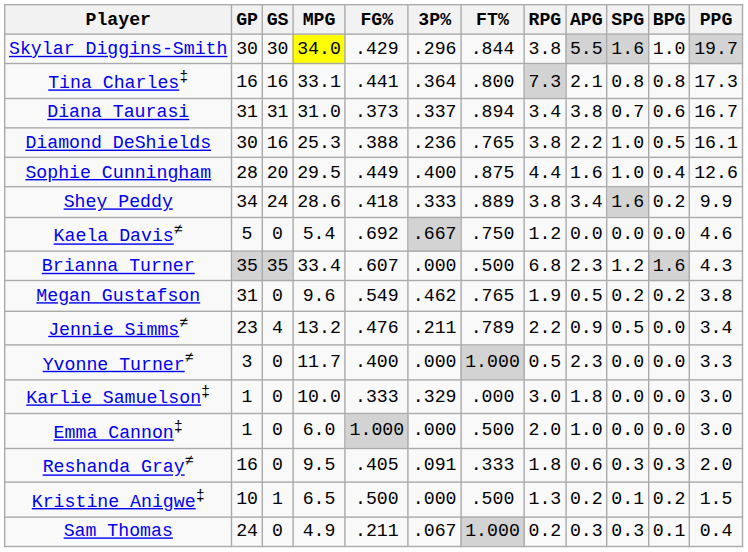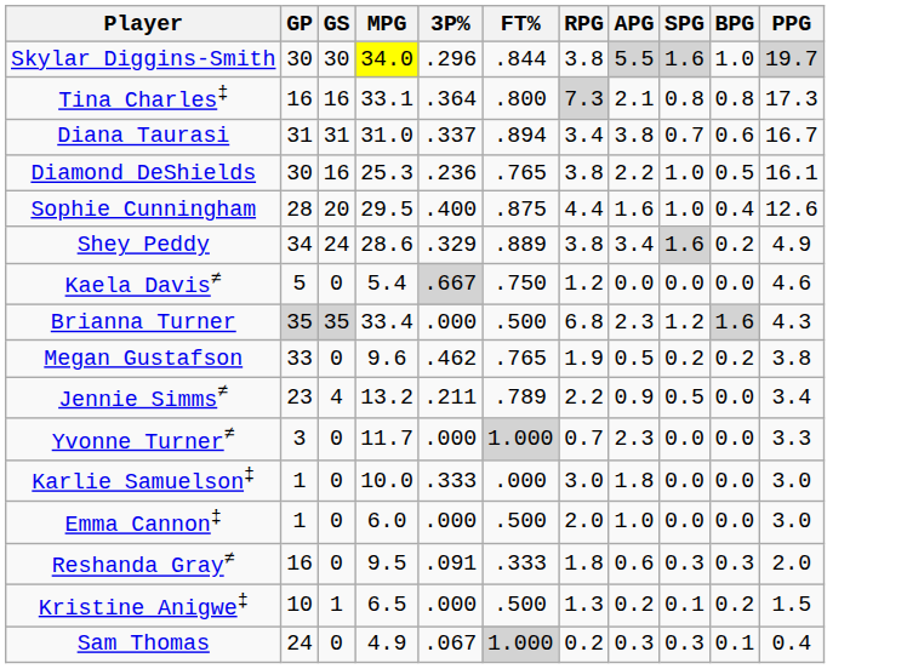 <table class="wikitable sortable" style="text-align:center">
 <tr>
 <th>Player</th>
 <th>GP</th>
 <th>GS</th>
 <th>MPG</th>
-<th>FG%</th>
 <th>3P%</th>
 <th>FT%</th>
 <th>RPG</th>
 <th>APG</th>
 <th>SPG</th>
 <th>BPG</th>
 <th>PPG</th>
 </tr>
 <tr>
 <td><a href='#'>Skylar Diggins-Smith</a></td>
 <td>30</td>
 <td>30</td>
 <td style="background:yellow;">34.0</td>
-<td>.429</td>
 <td>.296</td>
 <td>.844</td>
 <td>3.8</td>
 <td style="background:#D3D3D3;">5.5</td>
 <td style="background:#D3D3D3;">1.6</td>
 <td>1.0</td>
 <td style="background:#D3D3D3;">19.7</td>
 </tr>
 <tr>
 <td><a href='#'>Tina Charles</a><sup>‡</sup></td>
 <td>16</td>
 <td>16</td>
 <td>33.1</td>
-<td>.441</td>
 <td>.364</td>
 <td>.800</td>
 <td style="background:#D3D3D3;">7.3</td>
 <td>2.1</td>
 <td>0.8</td>
 <td>0.8</td>
 <td>17.3</td>
 </tr>
 <tr>
 <td><a href='#'>Diana Taurasi</a></td>
 <td>31</td>
 <td>31</td>
 <td>31.0</td>
-<td>.373</td>
 <td>.337</td>
 <td>.894</td>
 <td>3.4</td>
 <td>3.8</td>
 <td>0.7</td>
 <td>0.6</td>
 <td>16.7</td>
 </tr>
 <tr>
 <td><a href='#'>Diamond DeShields</a></td>
 <td>30</td>
 <td>16</td>
 <td>25.3</td>
-<td>.388</td>
 <td>.236</td>
 <td>.765</td>
 <td>3.8</td>
 <td>2.2</td>
 <td>1.0</td>
 <td>0.5</td>
 <td>16.1</td>
 </tr>
 <tr>
 <td><a href='#'>Sophie Cunningham</a></td>
 <td>28</td>
 <td>20</td>
 <td>29.5</td>
-<td>.449</td>
 <td>.400</td>
 <td>.875</td>
 <td>4.4</td>
 <td>1.6</td>
 <td>1.0</td>
 <td>0.4</td>
 <td>12.6</td>
 </tr>
 <tr>
 <td><a href='#'>Shey Peddy</a></td>
 <td>34</td>
 <td>24</td>
 <td>28.6</td>
-<td>.418</td>
-<td>.333</td>
+<td>.329</td>
 <td>.889</td>
 <td>3.8</td>
 <td>3.4</td>
 <td style="background:#D3D3D3;">1.6</td>
 <td>0.2</td>
-<td>9.9</td>
+<td>4.9</td>
 </tr>
 <tr>
 <td><a href='#'>Kaela Davis</a><sup>≠</sup></td>
 <td>5</td>
 <td>0</td>
 <td>5.4</td>
-<td>.692</td>
 <td style="background:#D3D3D3;">.667</td>
 <td>.750</td>
 <td>1.2</td>
 <td>0.0</td>
 <td>0.0</td>
 <td>0.0</td>
 <td>4.6</td>
 </tr>
 <tr>
 <td><a href='#'>Brianna Turner</a></td>
 <td style="background:#D3D3D3;">35</td>
 <td style="background:#D3D3D3;">35</td>
 <td>33.4</td>
-<td>.607</td>
 <td>.000</td>
 <td>.500</td>
 <td>6.8</td>
 <td>2.3</td>
 <td>1.2</td>
 <td style="background:#D3D3D3;">1.6</td>
 <td>4.3</td>
 </tr>
 <tr>
 <td><a href='#'>Megan Gustafson</a></td>
-<td>31</td>
+<td>33</td>
 <td>0</td>
 <td>9.6</td>
-<td>.549</td>
 <td>.462</td>
 <td>.765</td>
 <td>1.9</td>
 <td>0.5</td>
 <td>0.2</td>
 <td>0.2</td>
 <td>3.8</td>
 </tr>
 <tr>
 <td><a href='#'>Jennie Simms</a><sup>≠</sup></td>
 <td>23</td>
 <td>4</td>
 <td>13.2</td>
-<td>.476</td>
 <td>.211</td>
 <td>.789</td>
 <td>2.2</td>
 <td>0.9</td>
 <td>0.5</td>
 <td>0.0</td>
 <td>3.4</td>
 </tr>
 <tr>
 <td><a href='#'>Yvonne Turner</a><sup>≠</sup></td>
 <td>3</td>
 <td>0</td>
 <td>11.7</td>
-<td>.400</td>
 <td>.000</td>
 <td style="background:#D3D3D3;">1.000</td>
-<td>0.5</td>
+<td>0.7</td>
 <td>2.3</td>
 <td>0.0</td>
 <td>0.0</td>
 <td>3.3</td>
 </tr>
 <tr>
 <td><a href='#'>Karlie Samuelson</a><sup>‡</sup></td>
 <td>1</td>
 <td>0</td>
 <td>10.0</td>
 <td>.333</td>
-<td>.329</td>
 <td>.000</td>
 <td>3.0</td>
 <td>1.8</td>
 <td>0.0</td>
 <td>0.0</td>
 <td>3.0</td>
 </tr>
 <tr>
 <td><a href='#'>Emma Cannon</a><sup>‡</sup></td>
 <td>1</td>
 <td>0</td>
 <td>6.0</td>
-<td style="background:#D3D3D3;">1.000</td>
 <td>.000</td>
 <td>.500</td>
 <td>2.0</td>
 <td>1.0</td>
 <td>0.0</td>
 <td>0.0</td>
 <td>3.0</td>
 </tr>
 <tr>
 <td><a href='#'>Reshanda Gray</a><sup>≠</sup></td>
 <td>16</td>
 <td>0</td>
 <td>9.5</td>
-<td>.405</td>
 <td>.091</td>
 <td>.333</td>
 <td>1.8</td>
 <td>0.6</td>
 <td>0.3</td>
 <td>0.3</td>
 <td>2.0</td>
 </tr>
 <tr>
 <td><a href='#'>Kristine Anigwe</a><sup>‡</sup></td>
 <td>10</td>
 <td>1</td>
 <td>6.5</td>
-<td>.500</td>
 <td>.000</td>
 <td>.500</td>
 <td>1.3</td>
 <td>0.2</td>
 <td>0.1</td>
 <td>0.2</td>
 <td>1.5</td>
 </tr>
 <tr>
 <td><a href='#'>Sam Thomas</a></td>
 <td>24</td>
 <td>0</td>
 <td>4.9</td>
-<td>.211</td>
 <td>.067</td>
 <td style="background:#D3D3D3;">1.000</td>
 <td>0.2</td>
 <td>0.3</td>
 <td>0.3</td>
 <td>0.1</td>
 <td>0.4</td>
 </tr>
 </table>
